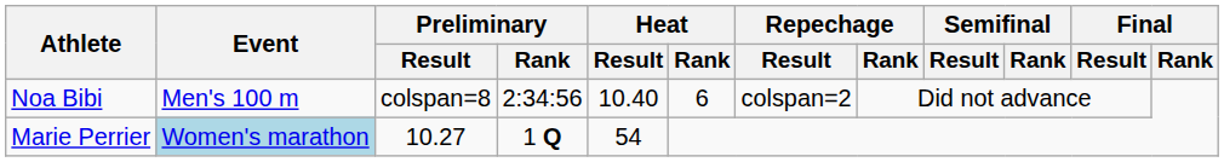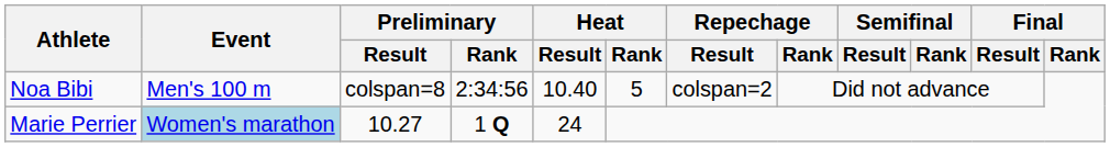 <table class="wikitable" style="font-size:90%">
 <tr>
 <th rowspan="2">Athlete</th>
 <th rowspan="2">Event</th>
 <th colspan="2">Preliminary</th>
 <th colspan="2">Heat</th>
 <th colspan="2">Repechage</th>
 <th colspan="2">Semifinal</th>
 <th colspan="2">Final</th>
 </tr>
 <tr style="font-size:95%">
 <th>Result</th>
 <th>Rank</th>
 <th>Result</th>
 <th>Rank</th>
 <th>Result</th>
 <th>Rank</th>
 <th>Result</th>
 <th>Rank</th>
 <th>Result</th>
 <th>Rank</th>
 </tr>
 <tr align=center>
 <td align=left><a href='#'>Noa Bibi</a></td>
 <td align=left><a href='#'>Men's 100 m</a></td>
 <td>colspan=8 </td>
 <td>2:34:56 <strong></strong></td>
 <td>10.40</td>
-<td>6</td>
+<td>5</td>
 <td>colspan=2 </td>
 <td colspan="4">Did not advance</td>
 </tr>
 <tr align=center>
 <td align=left><a href='#'>Marie Perrier</a></td>
 <td align=left style="background: lightblue;"><a href='#'>Women's marathon</a></td>
 <td>10.27</td>
 <td>1 <strong>Q</strong></td>
-<td>54</td>
+<td>24</td>
 </tr>
 </table>
